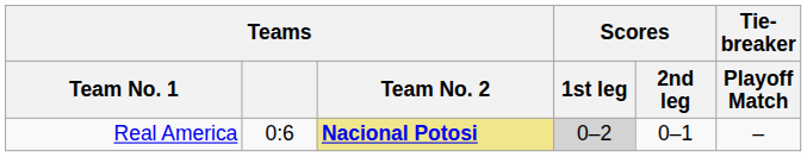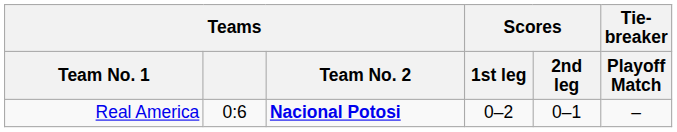 <table class="wikitable" style="text-align: center;">
 <tr>
 <th colspan=3>Teams</th>
 <th colspan=2>Scores</th>
 <th colspan=1>Tie-breaker</th>
 </tr>
 <tr>
 <th width="175">Team No. 1</th>
 <th width="50"></th>
 <th width="175">Team No. 2</th>
 <th width="55">1st leg</th>
 <th width="55">2nd leg</th>
 <th width="50">Playoff Match</th>
 </tr>
 <tr>
 <td align=right><a href='#'>Real America</a></td>
 <td>0:6</td>
-<td align=left style="background: khaki;"><strong><a href='#'>Nacional Potosi</a></strong></td>
-<td style="background: lightgrey;">0–2</td>
+<td align=left><strong><a href='#'>Nacional Potosi</a></strong></td>
+<td>0–2</td>
 <td>0–1</td>
 <td>–</td>
 </tr>
 </table>
